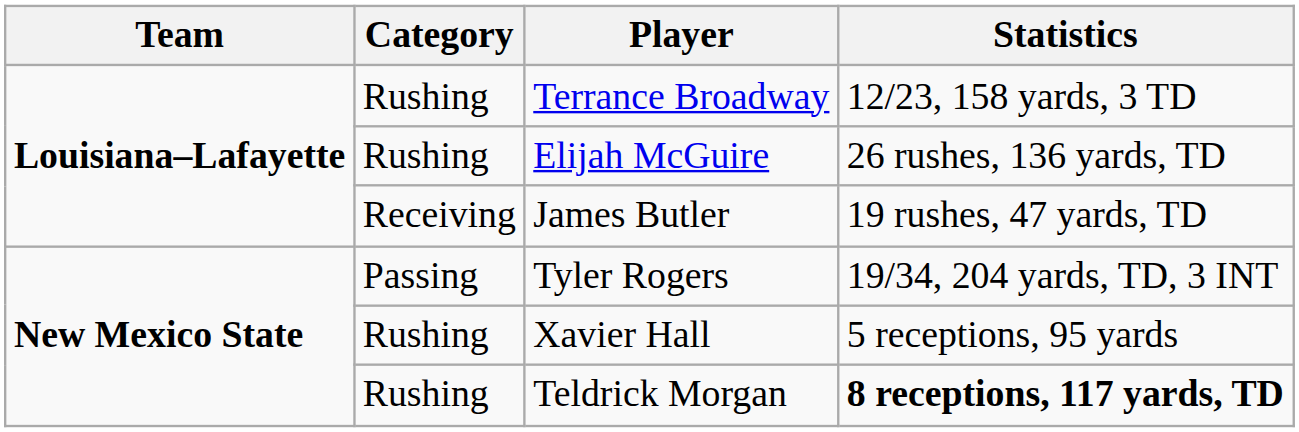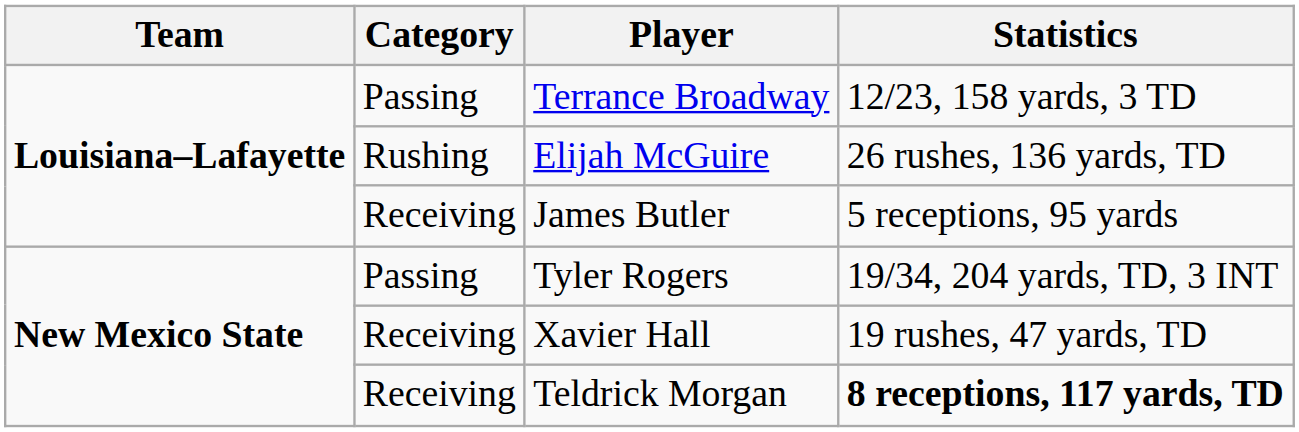 <table class="wikitable" style="float: left;">
 <tr>
 <th>Team</th>
 <th>Category</th>
 <th>Player</th>
 <th>Statistics</th>
 </tr>
 <tr>
 <td rowspan=3><strong>Louisiana–Lafayette</strong></td>
-<td>Rushing</td>
+<td>Passing</td>
 <td><a href='#'>Terrance Broadway</a></td>
 <td>12/23, 158 yards, 3 TD</td>
 </tr>
 <tr>
 <td>Rushing</td>
 <td><a href='#'>Elijah McGuire</a></td>
 <td>26 rushes, 136 yards, TD</td>
 </tr>
 <tr>
 <td>Receiving</td>
 <td>James Butler</td>
-<td>19 rushes, 47 yards, TD</td>
+<td>5 receptions, 95 yards</td>
 </tr>
 <tr>
 <td rowspan=3><strong>New Mexico State</strong></td>
 <td>Passing</td>
 <td>Tyler Rogers</td>
 <td>19/34, 204 yards, TD, 3 INT</td>
 </tr>
 <tr>
-<td>Rushing</td>
+<td>Receiving</td>
 <td>Xavier Hall</td>
-<td>5 receptions, 95 yards</td>
+<td>19 rushes, 47 yards, TD</td>
 </tr>
 <tr>
-<td>Rushing</td>
+<td>Receiving</td>
 <td>Teldrick Morgan</td>
 <td><strong>8 receptions, 117 yards, TD</strong></td>
 </tr>
 </table>
